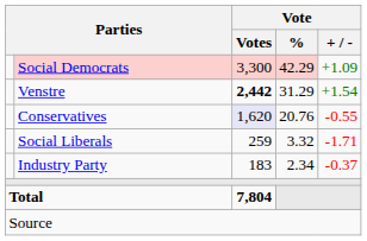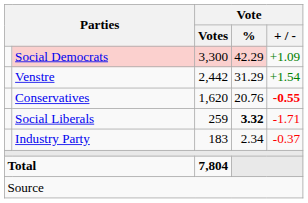 <table class="wikitable" style="text-align:right;">
 <tr>
 <th style="text-align:centre;" rowspan="2" colspan="2" width="225">Parties</th>
 <th colspan="3">Vote</th>
 </tr>
 <tr>
 <th width="15">Votes</th>
 <th width="15">%</th>
 <th width="15">+ / -</th>
 </tr>
 <tr>
 <td width="2" style="color:inherit;background:"></td>
 <td bgcolor=#fbd0ce  align="left"><a href='#'>Social Democrats</a></td>
 <td bgcolor=#fbd0ce>3,300</td>
 <td bgcolor=#fbd0ce>42.29</td>
 <td style=color:green;>+1.09</td>
 </tr>
 <tr>
 <td width="2" style="color:inherit;background:"></td>
 <td align="left"><a href='#'>Venstre</a></td>
-<td><strong>2,442</strong></td>
+<td>2,442</td>
 <td>31.29</td>
 <td style=color:green;>+1.54</td>
 </tr>
 <tr>
 <td width="2" style="color:inherit;background:"></td>
 <td align="left"><a href='#'>Conservatives</a></td>
-<td style="background: lavender;">1,620</td>
+<td>1,620</td>
 <td>20.76</td>
-<td style=color:red;>-0.55</td>
+<td style=color:red;><strong>-0.55</strong></td>
 </tr>
 <tr>
 <td width="2" style="color:inherit;background:"></td>
 <td align="left"><a href='#'>Social Liberals</a></td>
 <td>259</td>
-<td>3.32</td>
+<td><strong>3.32</strong></td>
 <td style=color:red;>-1.71</td>
 </tr>
 <tr>
 <td width="2" style="color:inherit;background:"></td>
 <td align="left"><a href='#'>Industry Party</a></td>
 <td>183</td>
 <td>2.34</td>
 <td style=color:red;>-0.37</td>
 </tr>
 <tr>
 <td colspan="7" bgcolor="#E9E9E9"></td>
 </tr>
 <tr>
 <td align="left" colspan="2"><strong>Total</strong></td>
 <td><strong>7,804</strong></td>
 <td bgcolor="#E9E9E9" colspan="2"></td>
 </tr>
 <tr>
 <td align="left" colspan="6">Source</td>
 </tr>
 </table>
